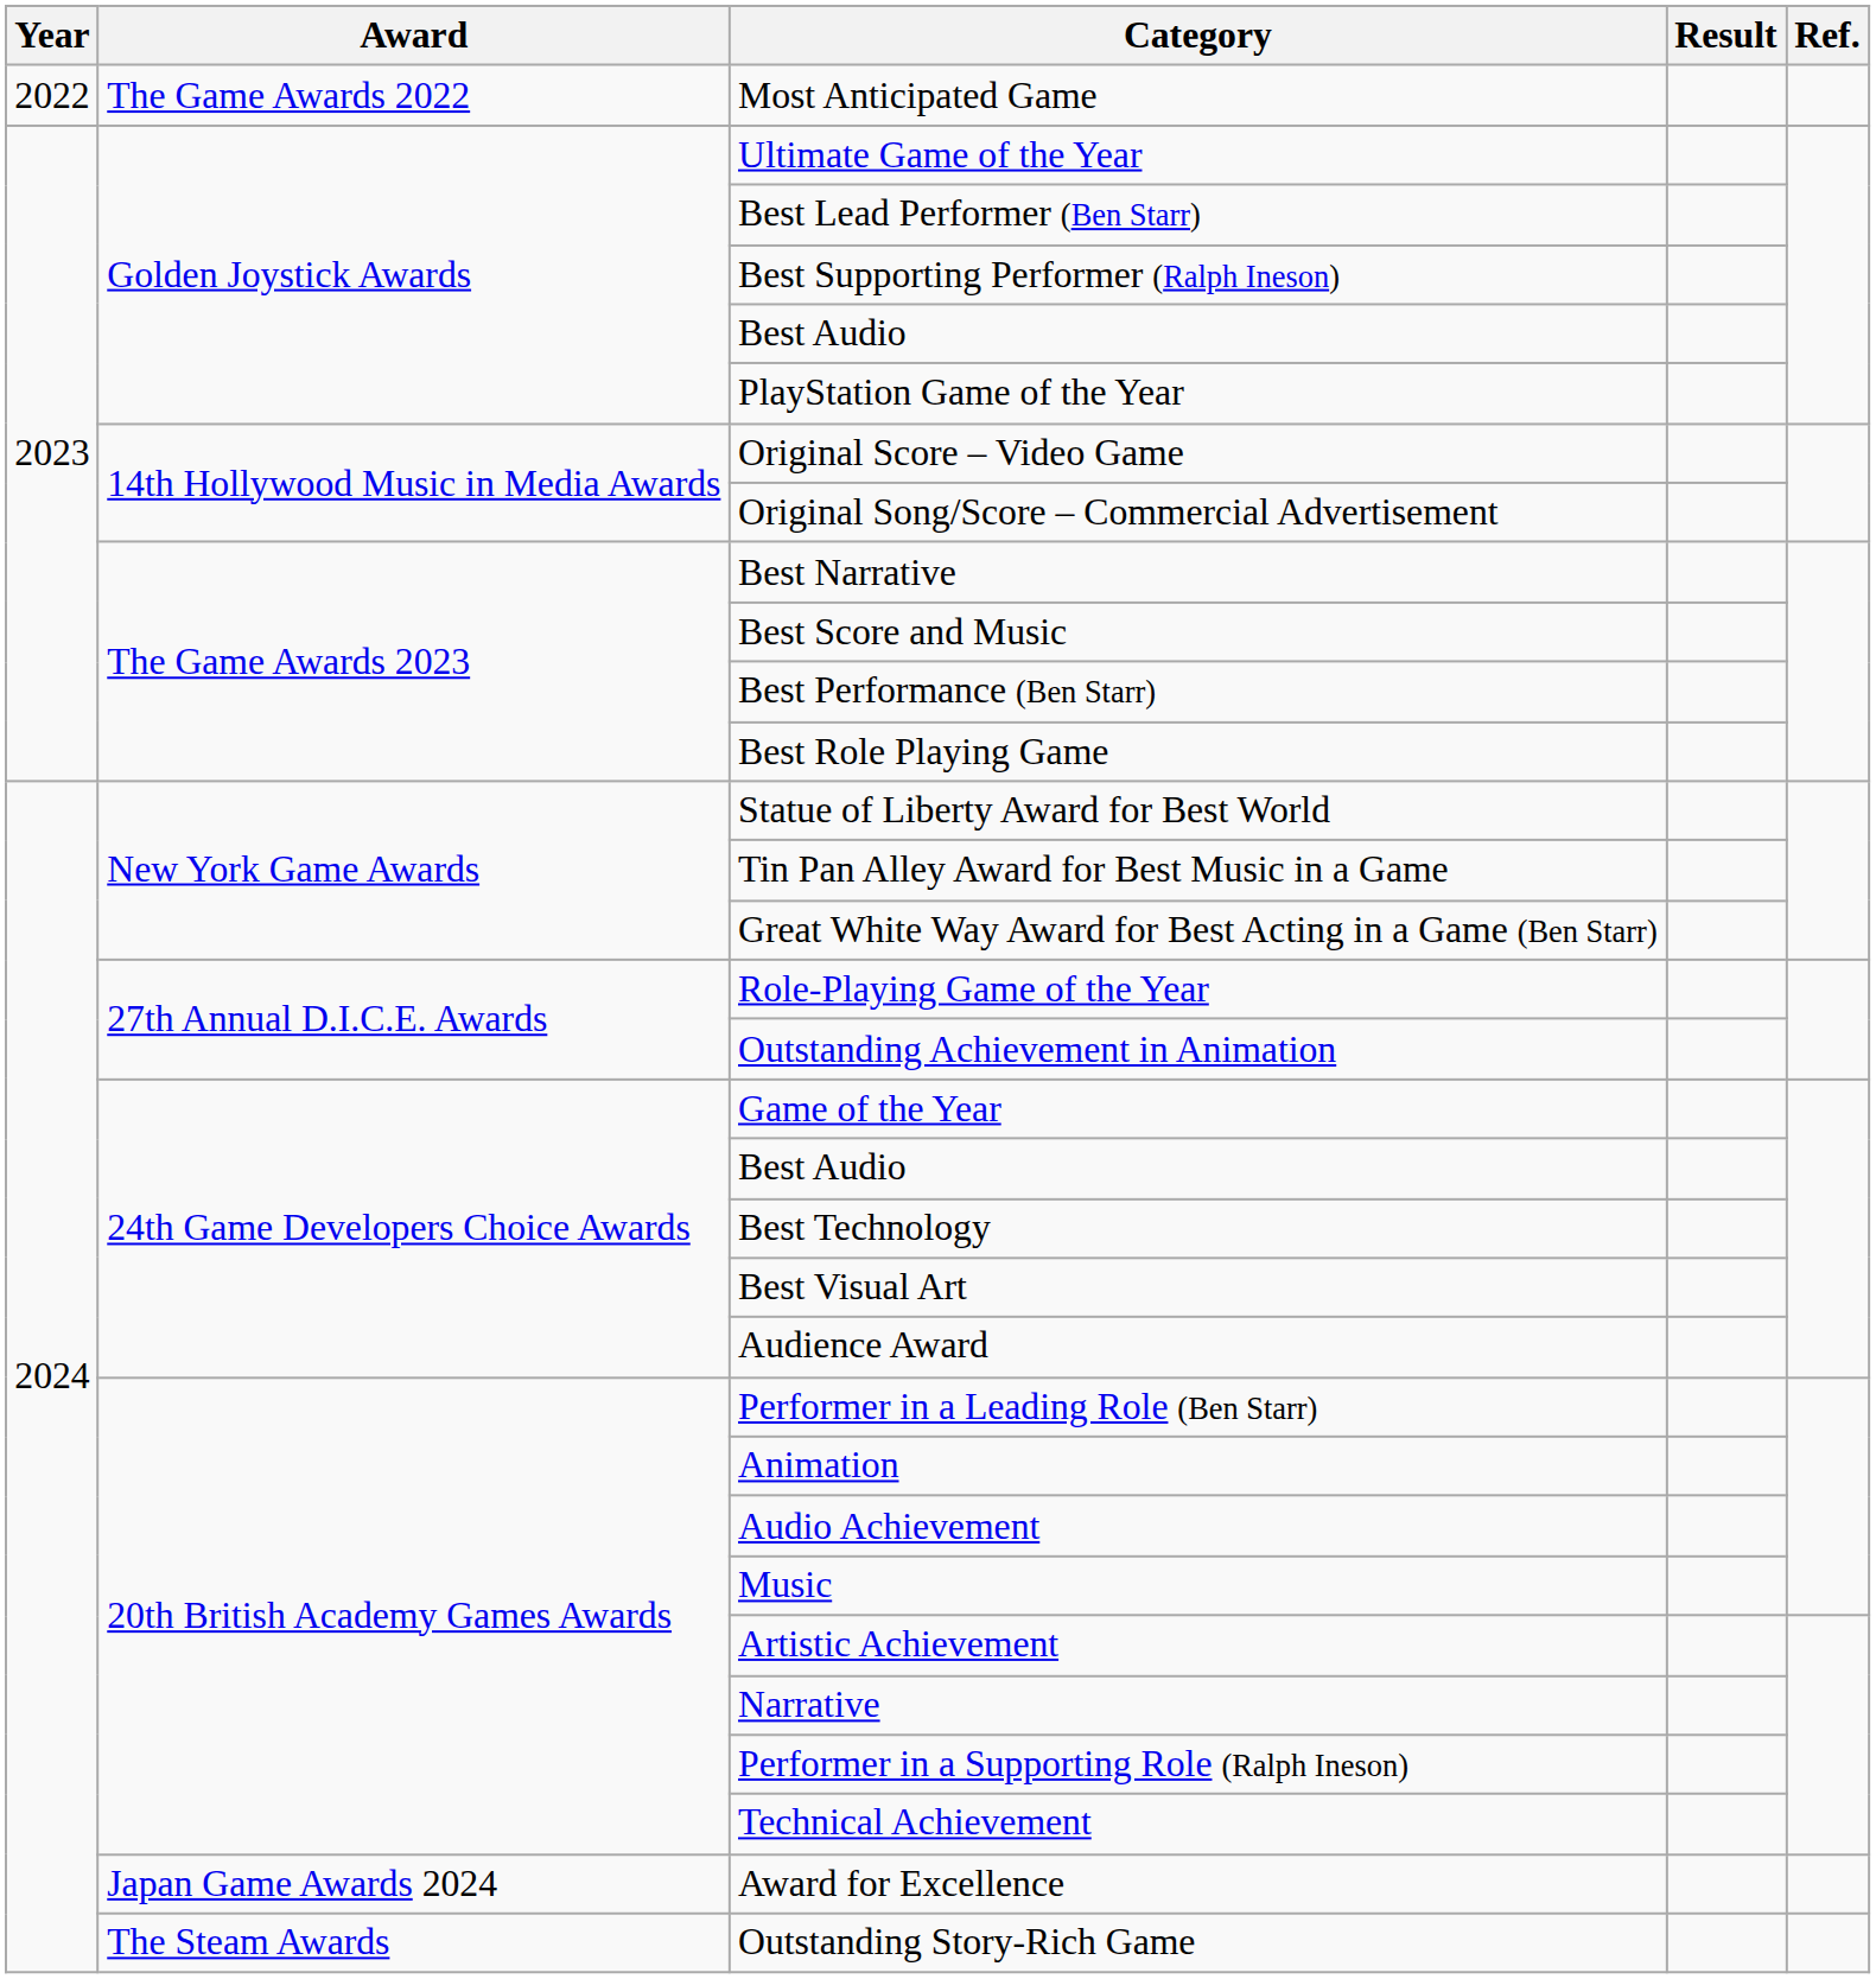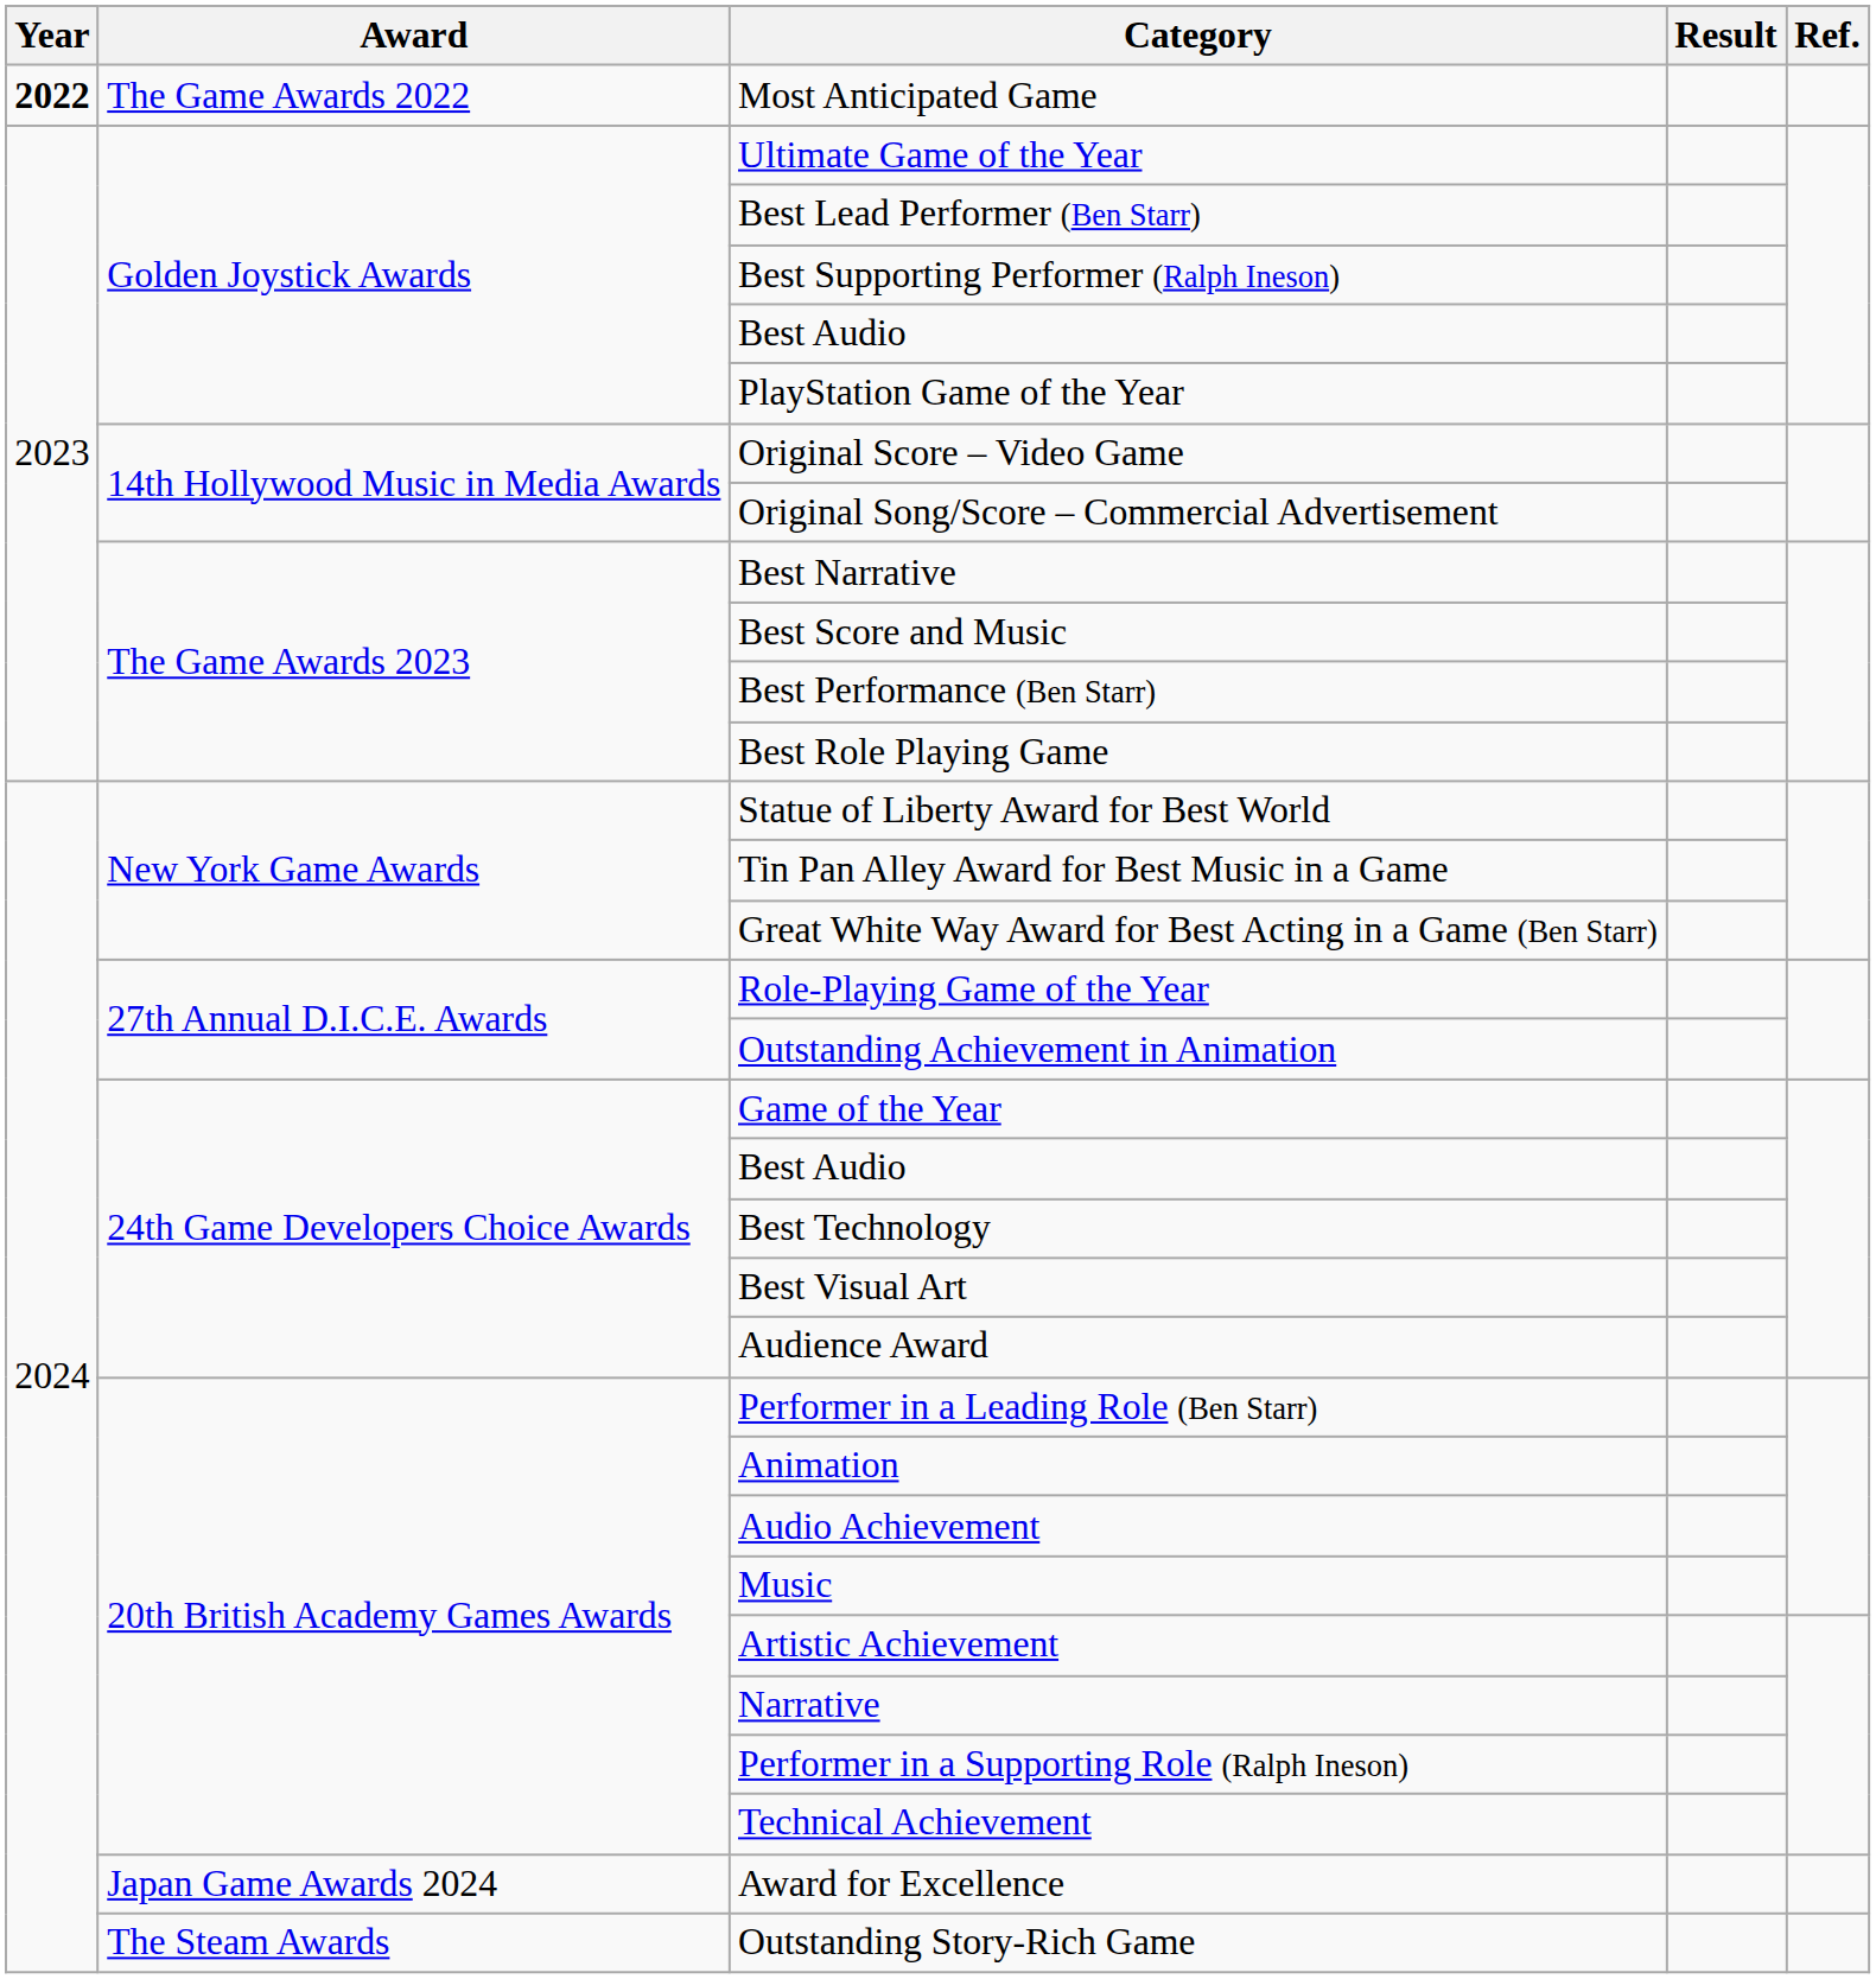 <table class="wikitable sortable">
 <tr>
 <th>Year</th>
 <th>Award</th>
 <th>Category</th>
 <th>Result</th>
 <th class="unsortable">Ref.</th>
 </tr>
 <tr>
-<td style="text-align:center;">2022</td>
+<td style="text-align:center;"><strong>2022</strong></td>
 <td><a href='#'>The Game Awards 2022</a></td>
 <td>Most Anticipated Game</td>
 <td></td>
 <td style="text-align:center;"></td>
 </tr>
 <tr>
 <td style="text-align:center;" rowspan="11">2023</td>
 <td rowspan="5"><a href='#'>Golden Joystick Awards</a></td>
 <td><a href='#'>Ultimate Game of the Year</a></td>
 <td></td>
 <td style="text-align:center;" rowspan="5"></td>
 </tr>
 <tr>
 <td>Best Lead Performer <small>(<a href='#'>Ben Starr</a>)</small></td>
 <td></td>
 </tr>
 <tr>
 <td>Best Supporting Performer <small>(<a href='#'>Ralph Ineson</a>)</small></td>
 <td></td>
 </tr>
 <tr>
 <td>Best Audio</td>
 <td></td>
 </tr>
 <tr>
 <td>PlayStation Game of the Year</td>
 <td></td>
 </tr>
 <tr>
 <td rowspan="2"><a href='#'>14th Hollywood Music in Media Awards</a></td>
 <td>Original Score – Video Game</td>
 <td></td>
 <td style="text-align:center;" rowspan="2"></td>
 </tr>
 <tr>
 <td>Original Song/Score – Commercial Advertisement</td>
 <td></td>
 </tr>
 <tr>
 <td rowspan="4"><a href='#'>The Game Awards 2023</a></td>
 <td>Best Narrative</td>
 <td></td>
 <td style="text-align:center;" rowspan="4"></td>
 </tr>
 <tr>
 <td>Best Score and Music</td>
 <td></td>
 </tr>
 <tr>
 <td>Best Performance <small>(Ben Starr)</small></td>
 <td></td>
 </tr>
 <tr>
 <td>Best Role Playing Game</td>
 <td></td>
 </tr>
 <tr>
 <td style="text-align:center;" rowspan="20">2024</td>
 <td rowspan="3"><a href='#'>New York Game Awards</a></td>
 <td>Statue of Liberty Award for Best World</td>
 <td></td>
 <td style="text-align:center;" rowspan="3"></td>
 </tr>
 <tr>
 <td>Tin Pan Alley Award for Best Music in a Game</td>
 <td></td>
 </tr>
 <tr>
 <td>Great White Way Award for Best Acting in a Game <small>(Ben Starr)</small></td>
 <td></td>
 </tr>
 <tr>
 <td rowspan="2"><a href='#'>27th Annual D.I.C.E. Awards</a></td>
 <td><a href='#'>Role-Playing Game of the Year</a></td>
 <td></td>
 <td style="text-align:center;" rowspan="2"></td>
 </tr>
 <tr>
 <td><a href='#'>Outstanding Achievement in Animation</a></td>
 <td></td>
 </tr>
 <tr>
 <td rowspan="5"><a href='#'>24th Game Developers Choice Awards</a></td>
 <td><a href='#'>Game of the Year</a></td>
 <td></td>
 <td style="text-align:center;" rowspan="5"></td>
 </tr>
 <tr>
 <td>Best Audio</td>
 <td></td>
 </tr>
 <tr>
 <td>Best Technology</td>
 <td></td>
 </tr>
 <tr>
 <td>Best Visual Art</td>
 <td></td>
 </tr>
 <tr>
 <td>Audience Award</td>
 <td></td>
 </tr>
 <tr>
 <td rowspan="8"><a href='#'>20th British Academy Games Awards</a></td>
 <td><a href='#'>Performer in a Leading Role</a> <small>(Ben Starr)</small></td>
 <td></td>
 <td style="text-align:center;" rowspan="4"></td>
 </tr>
 <tr>
 <td><a href='#'>Animation</a></td>
 <td></td>
 </tr>
 <tr>
 <td><a href='#'>Audio Achievement</a></td>
 <td></td>
 </tr>
 <tr>
 <td><a href='#'>Music</a></td>
 <td></td>
 </tr>
 <tr>
 <td><a href='#'>Artistic Achievement</a></td>
 <td></td>
 <td style="text-align:center;" rowspan="4"></td>
 </tr>
 <tr>
 <td><a href='#'>Narrative</a></td>
 <td></td>
 </tr>
 <tr>
 <td><a href='#'>Performer in a Supporting Role</a> <small>(Ralph Ineson)</small></td>
 <td></td>
 </tr>
 <tr>
 <td><a href='#'>Technical Achievement</a></td>
 <td></td>
 </tr>
 <tr>
 <td><a href='#'>Japan Game Awards</a> 2024</td>
 <td>Award for Excellence</td>
 <td></td>
 <td style="text-align:center;" rowspan="1"></td>
 </tr>
 <tr>
 <td><a href='#'>The Steam Awards</a></td>
 <td>Outstanding Story-Rich Game</td>
 <td></td>
 <td style="text-align:center;" rowspan="1"></td>
 </tr>
 </table>
